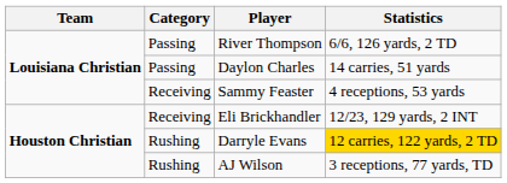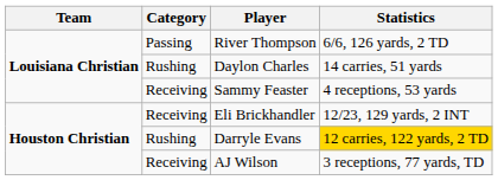 <table class="wikitable" style="float: right;">
 <tr>
 <th>Team</th>
 <th>Category</th>
 <th>Player</th>
 <th>Statistics</th>
 </tr>
 <tr>
 <td rowspan=3><strong>Louisiana Christian</strong></td>
 <td>Passing</td>
 <td>River Thompson</td>
 <td>6/6, 126 yards, 2 TD</td>
 </tr>
 <tr>
-<td>Passing</td>
+<td>Rushing</td>
 <td>Daylon Charles</td>
 <td>14 carries, 51 yards</td>
 </tr>
 <tr>
 <td>Receiving</td>
 <td>Sammy Feaster</td>
 <td>4 receptions, 53 yards</td>
 </tr>
 <tr>
 <td rowspan=3><strong>Houston Christian</strong></td>
 <td>Receiving</td>
 <td>Eli Brickhandler</td>
 <td>12/23, 129 yards, 2 INT</td>
 </tr>
 <tr>
 <td>Rushing</td>
 <td>Darryle Evans</td>
 <td style="background: gold;">12 carries, 122 yards, 2 TD</td>
 </tr>
 <tr>
-<td>Rushing</td>
+<td>Receiving</td>
 <td>AJ Wilson</td>
 <td>3 receptions, 77 yards, TD</td>
 </tr>
 </table>
